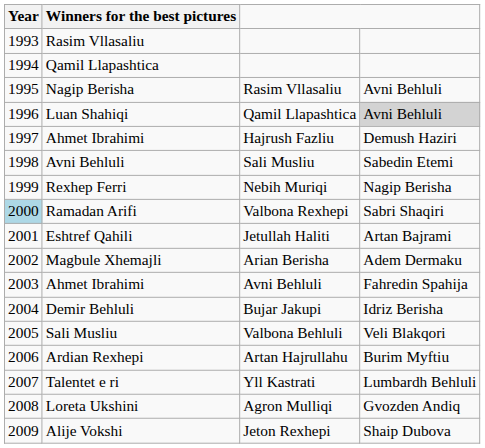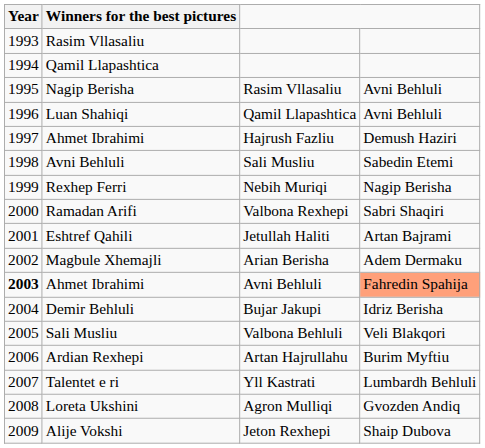 <table class="wikitable">
 <tr>
 <th>Year</th>
 <th>Winners for the best pictures</th>
 </tr>
 <tr>
 <td>1993</td>
 <td>Rasim Vllasaliu</td>
 <td></td>
 <td></td>
 </tr>
 <tr>
 <td>1994</td>
 <td>Qamil Llapashtica</td>
 <td></td>
 <td></td>
 </tr>
 <tr>
 <td>1995</td>
 <td>Nagip Berisha</td>
 <td>Rasim Vllasaliu</td>
 <td>Avni Behluli</td>
 </tr>
 <tr>
 <td>1996</td>
 <td>Luan Shahiqi</td>
 <td>Qamil Llapashtica</td>
-<td style="background: lightgrey;">Avni Behluli</td>
+<td>Avni Behluli</td>
 </tr>
 <tr>
 <td>1997</td>
 <td>Ahmet Ibrahimi</td>
 <td>Hajrush Fazliu</td>
 <td>Demush Haziri</td>
 </tr>
 <tr>
 <td>1998</td>
 <td>Avni Behluli</td>
 <td>Sali Musliu</td>
 <td>Sabedin Etemi</td>
 </tr>
 <tr>
 <td>1999</td>
 <td>Rexhep Ferri</td>
 <td>Nebih Muriqi</td>
 <td>Nagip Berisha</td>
 </tr>
 <tr>
-<td style="background: lightblue;">2000</td>
+<td>2000</td>
 <td>Ramadan Arifi</td>
 <td>Valbona Rexhepi</td>
 <td>Sabri Shaqiri</td>
 </tr>
 <tr>
 <td>2001</td>
 <td>Eshtref Qahili</td>
 <td>Jetullah Haliti</td>
 <td>Artan Bajrami</td>
 </tr>
 <tr>
 <td>2002</td>
 <td>Magbule Xhemajli</td>
 <td>Arian Berisha</td>
 <td>Adem Dermaku</td>
 </tr>
 <tr>
-<td>2003</td>
+<td><strong>2003</strong></td>
 <td>Ahmet Ibrahimi</td>
 <td>Avni Behluli</td>
-<td>Fahredin Spahija</td>
+<td style="background: lightsalmon;">Fahredin Spahija</td>
 </tr>
 <tr>
 <td>2004</td>
 <td>Demir Behluli</td>
 <td>Bujar Jakupi</td>
 <td>Idriz Berisha</td>
 </tr>
 <tr>
 <td>2005</td>
 <td>Sali Musliu</td>
 <td>Valbona Behluli</td>
 <td>Veli Blakqori</td>
 </tr>
 <tr>
 <td>2006</td>
 <td>Ardian Rexhepi</td>
 <td>Artan Hajrullahu</td>
 <td>Burim Myftiu</td>
 </tr>
 <tr>
 <td>2007</td>
 <td>Talentet e ri</td>
 <td>Yll Kastrati</td>
 <td>Lumbardh Behluli</td>
 </tr>
 <tr>
 <td>2008</td>
 <td>Loreta Ukshini</td>
 <td>Agron Mulliqi</td>
 <td>Gvozden Andiq</td>
 </tr>
 <tr>
 <td>2009</td>
 <td>Alije Vokshi</td>
 <td>Jeton Rexhepi</td>
 <td>Shaip Dubova</td>
 </tr>
 </table>
